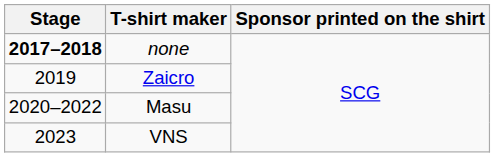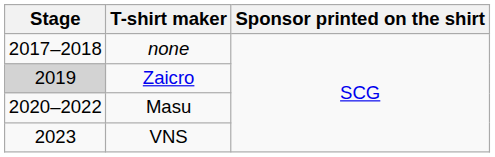 <table class="wikitable" style="text-align: center;">
 <tr>
 <th>Stage</th>
 <th>T-shirt maker</th>
 <th>Sponsor printed on the shirt</th>
 </tr>
 <tr>
-<td><strong>2017–2018</strong></td>
+<td>2017–2018</td>
 <td><em>none</em></td>
 <td rowspan="4"> <a href='#'>SCG</a></td>
 </tr>
 <tr>
-<td>2019</td>
+<td style="background: lightgrey;">2019</td>
 <td> <a href='#'>Zaicro</a></td>
 </tr>
 <tr>
 <td>2020–2022</td>
 <td> Masu</td>
 </tr>
 <tr>
 <td>2023</td>
 <td> VNS</td>
 </tr>
 </table>
